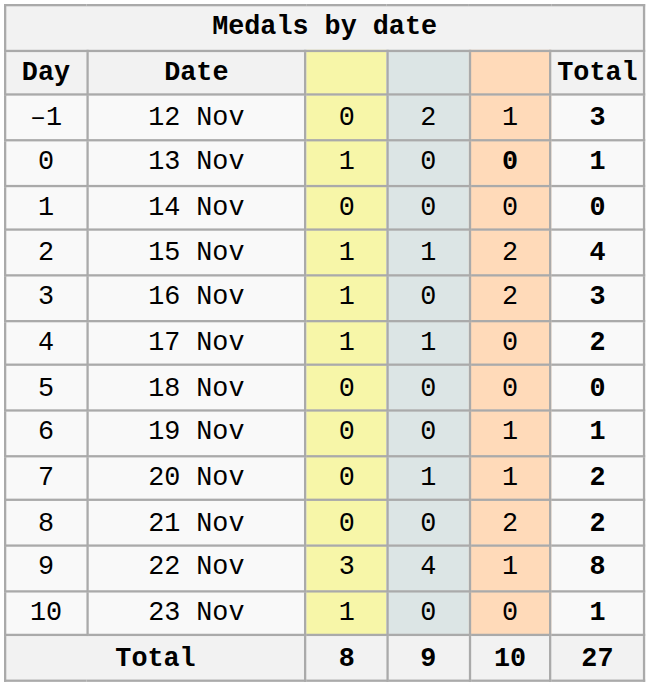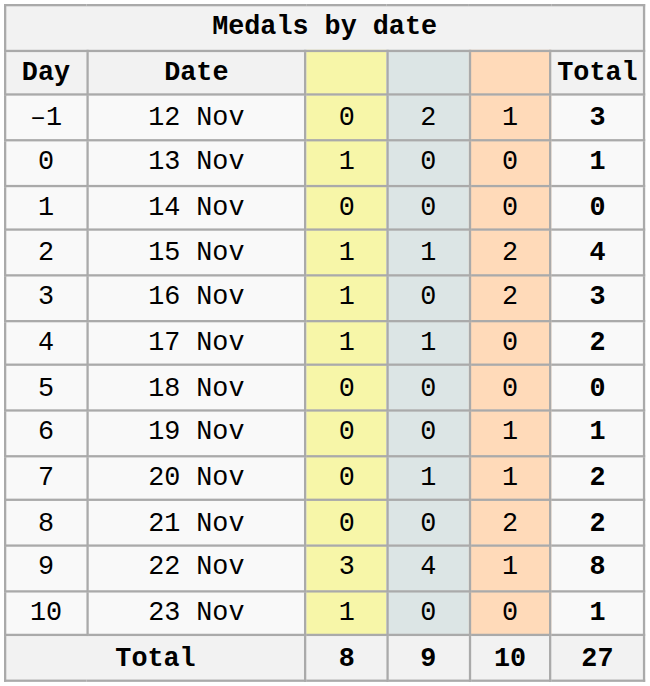 <table class="wikitable" style="font-size:90%; text-align:center;">
 <tr style="background:#efefef;">
 <th colspan=6><strong>Medals by date</strong></th>
 </tr>
 <tr>
 <th width=30><strong>Day</strong></th>
 <th width=90><strong>Date</strong></th>
 <th width=30 style="background:#F7F6A8;"></th>
 <th width=30 style="background:#DCE5E5;"></th>
 <th width=30 style="background:#FFDAB9;"></th>
 <th width=30><strong>Total</strong></th>
 </tr>
 <tr>
 <td>–1</td>
 <td>12 Nov</td>
 <td style="background:#F7F6A8;">0</td>
 <td style="background:#DCE5E5;">2</td>
 <td style="background:#FFDAB9;">1</td>
 <td><strong>3</strong></td>
 </tr>
 <tr>
 <td>0</td>
 <td>13 Nov</td>
 <td style="background:#F7F6A8;">1</td>
 <td style="background:#DCE5E5;">0</td>
-<td style="background:#FFDAB9;"><strong>0</strong></td>
+<td style="background:#FFDAB9;">0</td>
 <td><strong>1</strong></td>
 </tr>
 <tr>
 <td>1</td>
 <td>14 Nov</td>
 <td style="background:#F7F6A8;">0</td>
 <td style="background:#DCE5E5;">0</td>
 <td style="background:#FFDAB9;">0</td>
 <td><strong>0</strong></td>
 </tr>
 <tr>
 <td>2</td>
 <td>15 Nov</td>
 <td style="background:#F7F6A8;">1</td>
 <td style="background:#DCE5E5;">1</td>
 <td style="background:#FFDAB9;">2</td>
 <td><strong>4</strong></td>
 </tr>
 <tr>
 <td>3</td>
 <td>16 Nov</td>
 <td style="background:#F7F6A8;">1</td>
 <td style="background:#DCE5E5;">0</td>
 <td style="background:#FFDAB9;">2</td>
 <td><strong>3</strong></td>
 </tr>
 <tr>
 <td>4</td>
 <td>17 Nov</td>
 <td style="background:#F7F6A8;">1</td>
 <td style="background:#DCE5E5;">1</td>
 <td style="background:#FFDAB9;">0</td>
 <td><strong>2</strong></td>
 </tr>
 <tr>
 <td>5</td>
 <td>18 Nov</td>
 <td style="background:#F7F6A8;">0</td>
 <td style="background:#DCE5E5;">0</td>
 <td style="background:#FFDAB9;">0</td>
 <td><strong>0</strong></td>
 </tr>
 <tr>
 <td>6</td>
 <td>19 Nov</td>
 <td style="background:#F7F6A8;">0</td>
 <td style="background:#DCE5E5;">0</td>
 <td style="background:#FFDAB9;">1</td>
 <td><strong>1</strong></td>
 </tr>
 <tr>
 <td>7</td>
 <td>20 Nov</td>
 <td style="background:#F7F6A8;">0</td>
 <td style="background:#DCE5E5;">1</td>
 <td style="background:#FFDAB9;">1</td>
 <td><strong>2</strong></td>
 </tr>
 <tr>
 <td>8</td>
 <td>21 Nov</td>
 <td style="background:#F7F6A8;">0</td>
 <td style="background:#DCE5E5;">0</td>
 <td style="background:#FFDAB9;">2</td>
 <td><strong>2</strong></td>
 </tr>
 <tr>
 <td>9</td>
 <td>22 Nov</td>
 <td style="background:#F7F6A8;">3</td>
 <td style="background:#DCE5E5;">4</td>
 <td style="background:#FFDAB9;">1</td>
 <td><strong>8</strong></td>
 </tr>
 <tr>
 <td>10</td>
 <td>23 Nov</td>
 <td style="background:#F7F6A8;">1</td>
 <td style="background:#DCE5E5;">0</td>
 <td style="background:#FFDAB9;">0</td>
 <td><strong>1</strong></td>
 </tr>
 <tr>
 <th colspan="2"><strong>Total</strong></th>
 <th><strong>8</strong></th>
 <th><strong>9</strong></th>
 <th><strong>10</strong></th>
 <th><strong>27</strong></th>
 </tr>
 </table>
